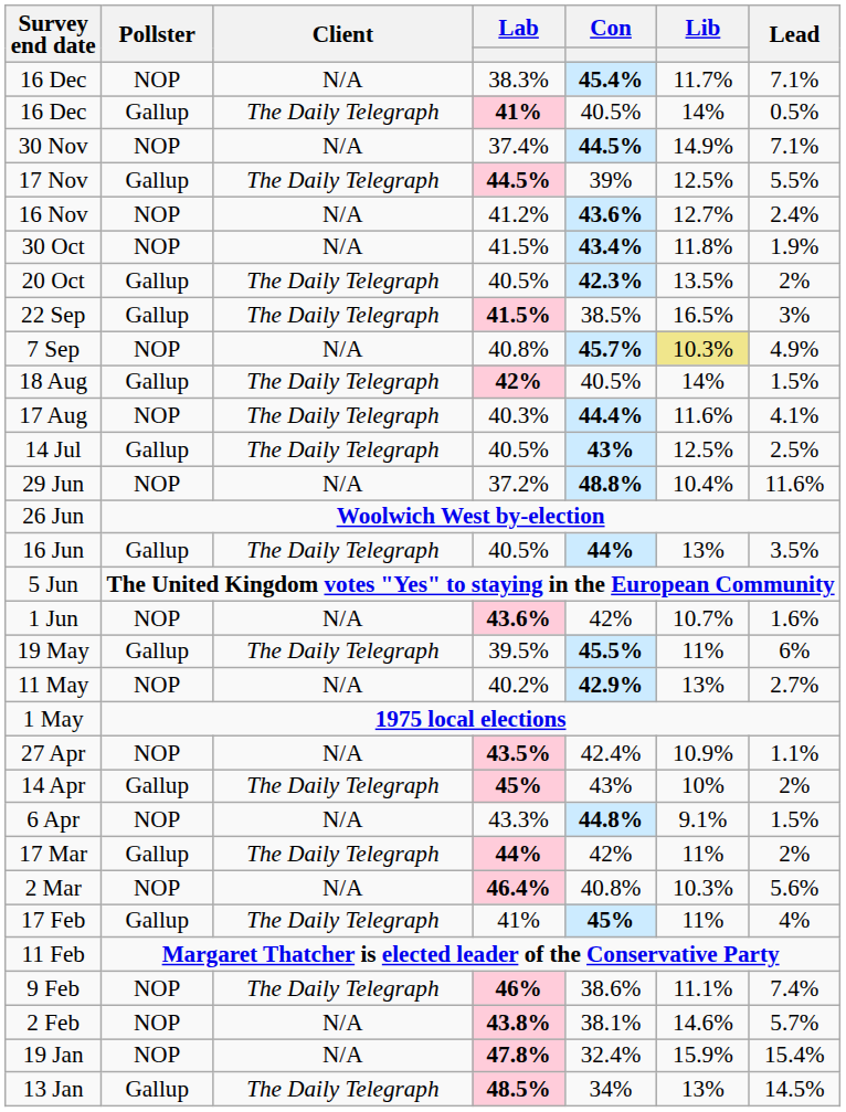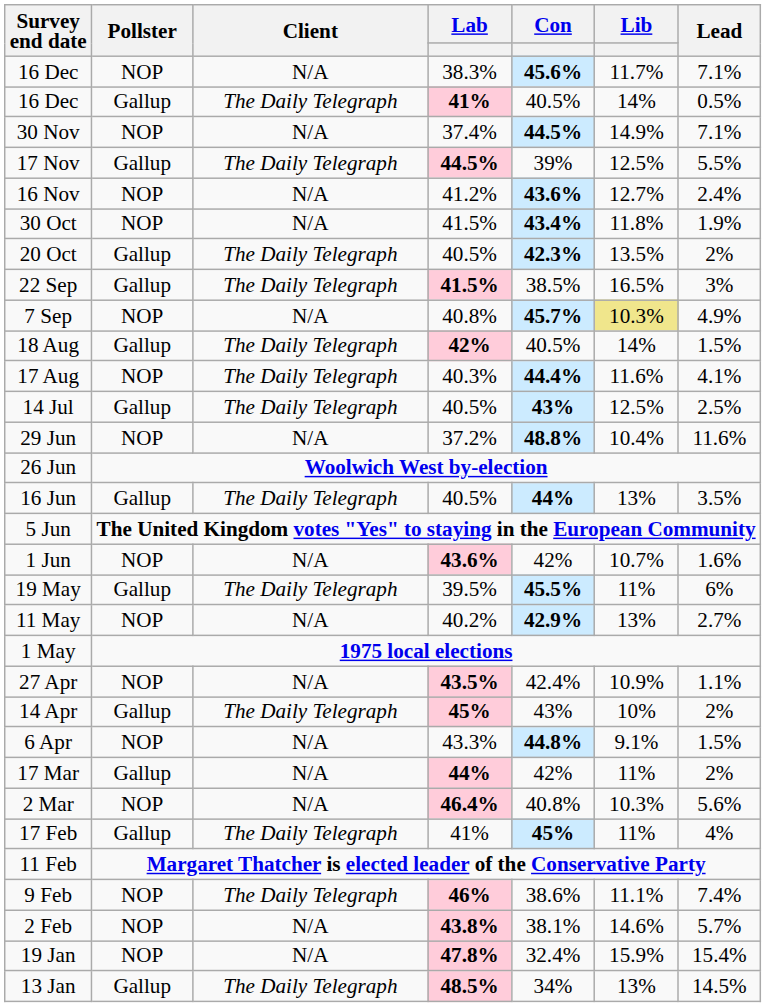 <table class="wikitable sortable mw-datatable" style="text-align:center;font-size:90%;line-height:14px;">
 <tr>
 <th rowspan="2">Survey<br>end date</th>
 <th rowspan="2">Pollster</th>
 <th rowspan="2">Client</th>
 <th class="unsortable" style="width:50px;"><a href='#'>Lab</a></th>
 <th class="unsortable" style="width:50px;"><a href='#'>Con</a></th>
 <th class="unsortable" style="width:50px;"><a href='#'>Lib</a></th>
 <th rowspan="2">Lead</th>
 </tr>
 <tr>
 <th style="background:"></th>
 <th style="background:"></th>
 <th style="background:"></th>
 </tr>
 <tr>
 <td>16 Dec</td>
 <td>NOP</td>
 <td>N/A</td>
 <td>38.3%</td>
-<td style="background:#CCEBFF;"><strong>45.4%</strong></td>
+<td style="background:#CCEBFF;"><strong>45.6%</strong></td>
 <td>11.7%</td>
 <td style="background:">7.1%</td>
 </tr>
 <tr>
 <td>16 Dec</td>
 <td>Gallup</td>
 <td><em>The Daily Telegraph</em></td>
 <td style="background:#FFCCDA;"><strong>41%</strong></td>
 <td>40.5%</td>
 <td>14%</td>
 <td style="background:">0.5%</td>
 </tr>
 <tr>
 <td>30 Nov</td>
 <td>NOP</td>
 <td>N/A</td>
 <td>37.4%</td>
 <td style="background:#CCEBFF;"><strong>44.5%</strong></td>
 <td>14.9%</td>
 <td style="background:">7.1%</td>
 </tr>
 <tr>
 <td>17 Nov</td>
 <td>Gallup</td>
 <td><em>The Daily Telegraph</em></td>
 <td style="background:#FFCCDA;"><strong>44.5%</strong></td>
 <td>39%</td>
 <td>12.5%</td>
 <td style="background:">5.5%</td>
 </tr>
 <tr>
 <td>16 Nov</td>
 <td>NOP</td>
 <td>N/A</td>
 <td>41.2%</td>
 <td style="background:#CCEBFF;"><strong>43.6%</strong></td>
 <td>12.7%</td>
 <td style="background:">2.4%</td>
 </tr>
 <tr>
 <td>30 Oct</td>
 <td>NOP</td>
 <td>N/A</td>
 <td>41.5%</td>
 <td style="background:#CCEBFF;"><strong>43.4%</strong></td>
 <td>11.8%</td>
 <td style="background:">1.9%</td>
 </tr>
 <tr>
 <td>20 Oct</td>
 <td>Gallup</td>
 <td><em>The Daily Telegraph</em></td>
 <td>40.5%</td>
 <td style="background:#CCEBFF;"><strong>42.3%</strong></td>
 <td>13.5%</td>
 <td style="background:">2%</td>
 </tr>
 <tr>
 <td>22 Sep</td>
 <td>Gallup</td>
 <td><em>The Daily Telegraph</em></td>
 <td style="background:#FFCCDA;"><strong>41.5%</strong></td>
 <td>38.5%</td>
 <td>16.5%</td>
 <td style="background:">3%</td>
 </tr>
 <tr>
 <td>7 Sep</td>
 <td>NOP</td>
 <td>N/A</td>
 <td>40.8%</td>
 <td style="background:#CCEBFF;"><strong>45.7%</strong></td>
 <td style="background: khaki;">10.3%</td>
 <td style="background:">4.9%</td>
 </tr>
 <tr>
 <td>18 Aug</td>
 <td>Gallup</td>
 <td><em>The Daily Telegraph</em></td>
 <td style="background:#FFCCDA;"><strong>42%</strong></td>
 <td>40.5%</td>
 <td>14%</td>
 <td style="background:">1.5%</td>
 </tr>
 <tr>
 <td>17 Aug</td>
 <td>NOP</td>
 <td><em>The Daily Telegraph</em></td>
 <td>40.3%</td>
 <td style="background:#CCEBFF;"><strong>44.4%</strong></td>
 <td>11.6%</td>
 <td style="background:">4.1%</td>
 </tr>
 <tr>
 <td>14 Jul</td>
 <td>Gallup</td>
 <td><em>The Daily Telegraph</em></td>
 <td>40.5%</td>
 <td style="background:#CCEBFF;"><strong>43%</strong></td>
 <td>12.5%</td>
 <td style="background:">2.5%</td>
 </tr>
 <tr>
 <td>29 Jun</td>
 <td>NOP</td>
 <td>N/A</td>
 <td>37.2%</td>
 <td style="background:#CCEBFF;"><strong>48.8%</strong></td>
 <td>10.4%</td>
 <td style="background:">11.6%</td>
 </tr>
 <tr>
 <td>26 Jun</td>
 <td colspan="6"><a href='#'><strong>Woolwich West by-election</strong></a></td>
 </tr>
 <tr>
 <td>16 Jun</td>
 <td>Gallup</td>
 <td><em>The Daily Telegraph</em></td>
 <td>40.5%</td>
 <td style="background:#CCEBFF;"><strong>44%</strong></td>
 <td>13%</td>
 <td style="background:">3.5%</td>
 </tr>
 <tr>
 <td>5 Jun</td>
 <td colspan="6"><strong>The United Kingdom <a href='#'>votes "Yes" to staying</a> in the <a href='#'>European Community</a></strong></td>
 </tr>
 <tr>
 <td>1 Jun</td>
 <td>NOP</td>
 <td>N/A</td>
 <td style="background:#FFCCDA;"><strong>43.6%</strong></td>
 <td>42%</td>
 <td>10.7%</td>
 <td style="background:">1.6%</td>
 </tr>
 <tr>
 <td>19 May</td>
 <td>Gallup</td>
 <td><em>The Daily Telegraph</em></td>
 <td>39.5%</td>
 <td style="background:#CCEBFF;"><strong>45.5%</strong></td>
 <td>11%</td>
 <td style="background:">6%</td>
 </tr>
 <tr>
 <td>11 May</td>
 <td>NOP</td>
 <td>N/A</td>
 <td>40.2%</td>
 <td style="background:#CCEBFF;"><strong>42.9%</strong></td>
 <td>13%</td>
 <td style="background:">2.7%</td>
 </tr>
 <tr>
 <td>1 May</td>
 <td colspan="6"><strong><a href='#'>1975 local elections</a></strong></td>
 </tr>
 <tr>
 <td>27 Apr</td>
 <td>NOP</td>
 <td>N/A</td>
 <td style="background:#FFCCDA;"><strong>43.5%</strong></td>
 <td>42.4%</td>
 <td>10.9%</td>
 <td style="background:">1.1%</td>
 </tr>
 <tr>
 <td>14 Apr</td>
 <td>Gallup</td>
 <td><em>The Daily Telegraph</em></td>
 <td style="background:#FFCCDA;"><strong>45%</strong></td>
 <td>43%</td>
 <td>10%</td>
 <td style="background:">2%</td>
 </tr>
 <tr>
 <td>6 Apr</td>
 <td>NOP</td>
 <td>N/A</td>
 <td>43.3%</td>
 <td style="background:#CCEBFF;"><strong>44.8%</strong></td>
 <td>9.1%</td>
 <td style="background:">1.5%</td>
 </tr>
 <tr>
 <td>17 Mar</td>
 <td>Gallup</td>
-<td><em>The Daily Telegraph</em></td>
+<td>N/A</td>
 <td style="background:#FFCCDA;"><strong>44%</strong></td>
 <td>42%</td>
 <td>11%</td>
 <td style="background:">2%</td>
 </tr>
 <tr>
 <td>2 Mar</td>
 <td>NOP</td>
 <td>N/A</td>
 <td style="background:#FFCCDA;"><strong>46.4%</strong></td>
 <td>40.8%</td>
 <td>10.3%</td>
 <td style="background:">5.6%</td>
 </tr>
 <tr>
 <td>17 Feb</td>
 <td>Gallup</td>
 <td><em>The Daily Telegraph</em></td>
 <td>41%</td>
 <td style="background:#CCEBFF;"><strong>45%</strong></td>
 <td>11%</td>
 <td style="background:">4%</td>
 </tr>
 <tr>
 <td>11 Feb</td>
 <td colspan="6"><strong><a href='#'>Margaret Thatcher</a> is <a href='#'>elected leader</a> of the <a href='#'>Conservative Party</a></strong></td>
 </tr>
 <tr>
 <td>9 Feb</td>
 <td>NOP</td>
 <td><em>The Daily Telegraph</em></td>
 <td style="background:#FFCCDA;"><strong>46%</strong></td>
 <td>38.6%</td>
 <td>11.1%</td>
 <td style="background:">7.4%</td>
 </tr>
 <tr>
 <td>2 Feb</td>
 <td>NOP</td>
 <td>N/A</td>
 <td style="background:#FFCCDA;"><strong>43.8%</strong></td>
 <td>38.1%</td>
 <td>14.6%</td>
 <td style="background:">5.7%</td>
 </tr>
 <tr>
 <td>19 Jan</td>
 <td>NOP</td>
 <td>N/A</td>
 <td style="background:#FFCCDA;"><strong>47.8%</strong></td>
 <td>32.4%</td>
 <td>15.9%</td>
 <td style="background:">15.4%</td>
 </tr>
 <tr>
 <td>13 Jan</td>
 <td>Gallup</td>
 <td><em>The Daily Telegraph</em></td>
 <td style="background:#FFCCDA;"><strong>48.5%</strong></td>
 <td>34%</td>
 <td>13%</td>
 <td style="background:">14.5%</td>
 </tr>
 </table>
